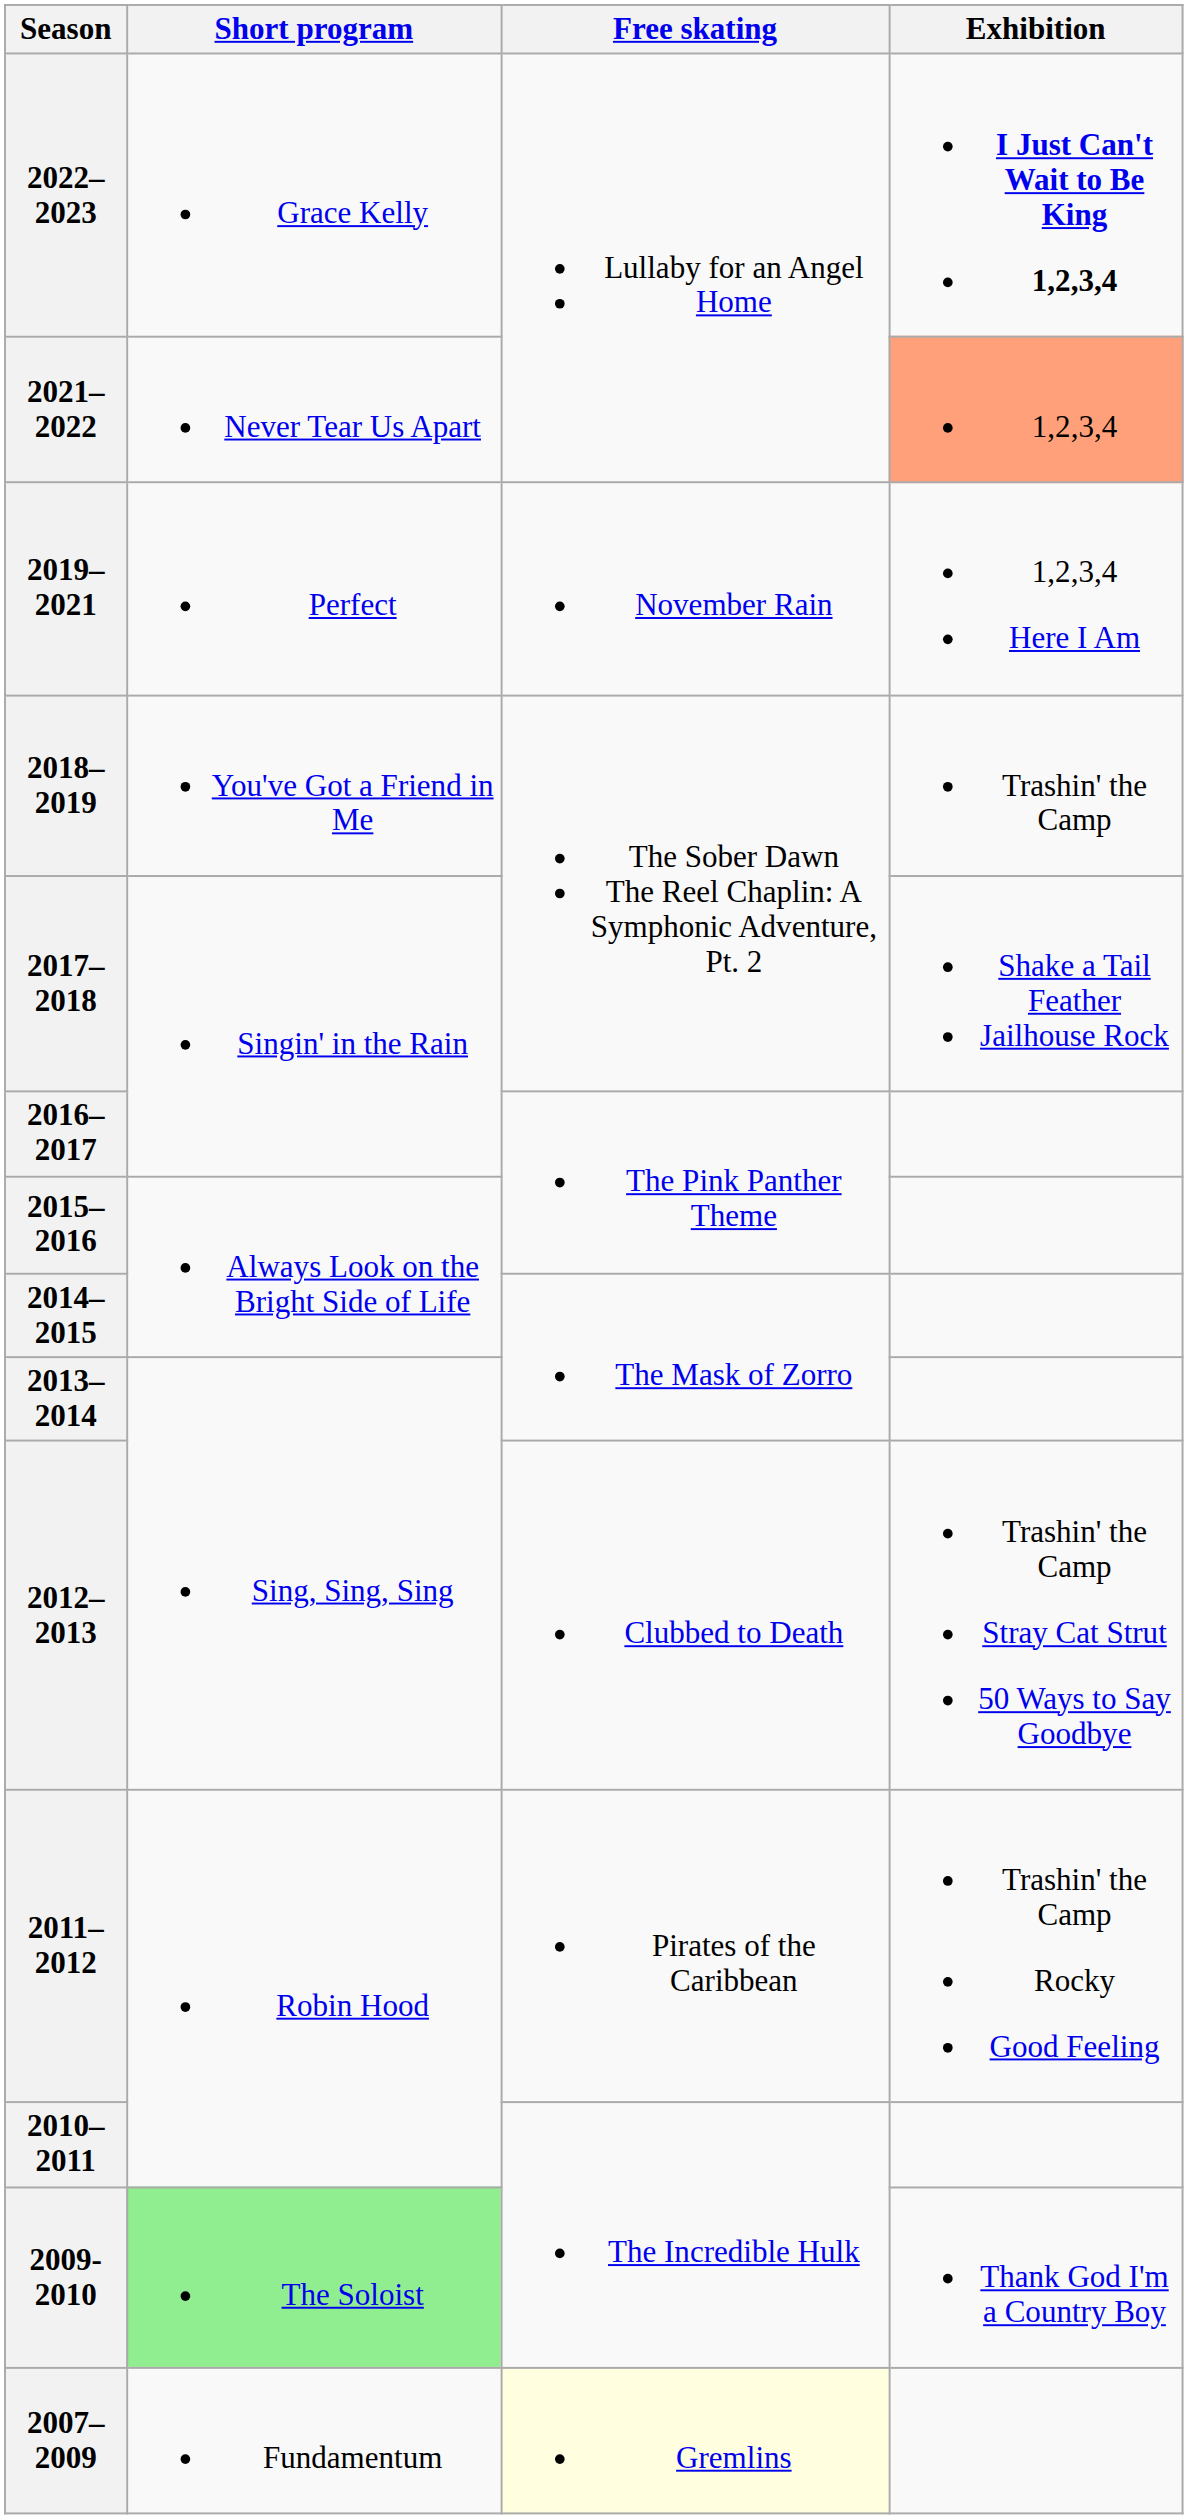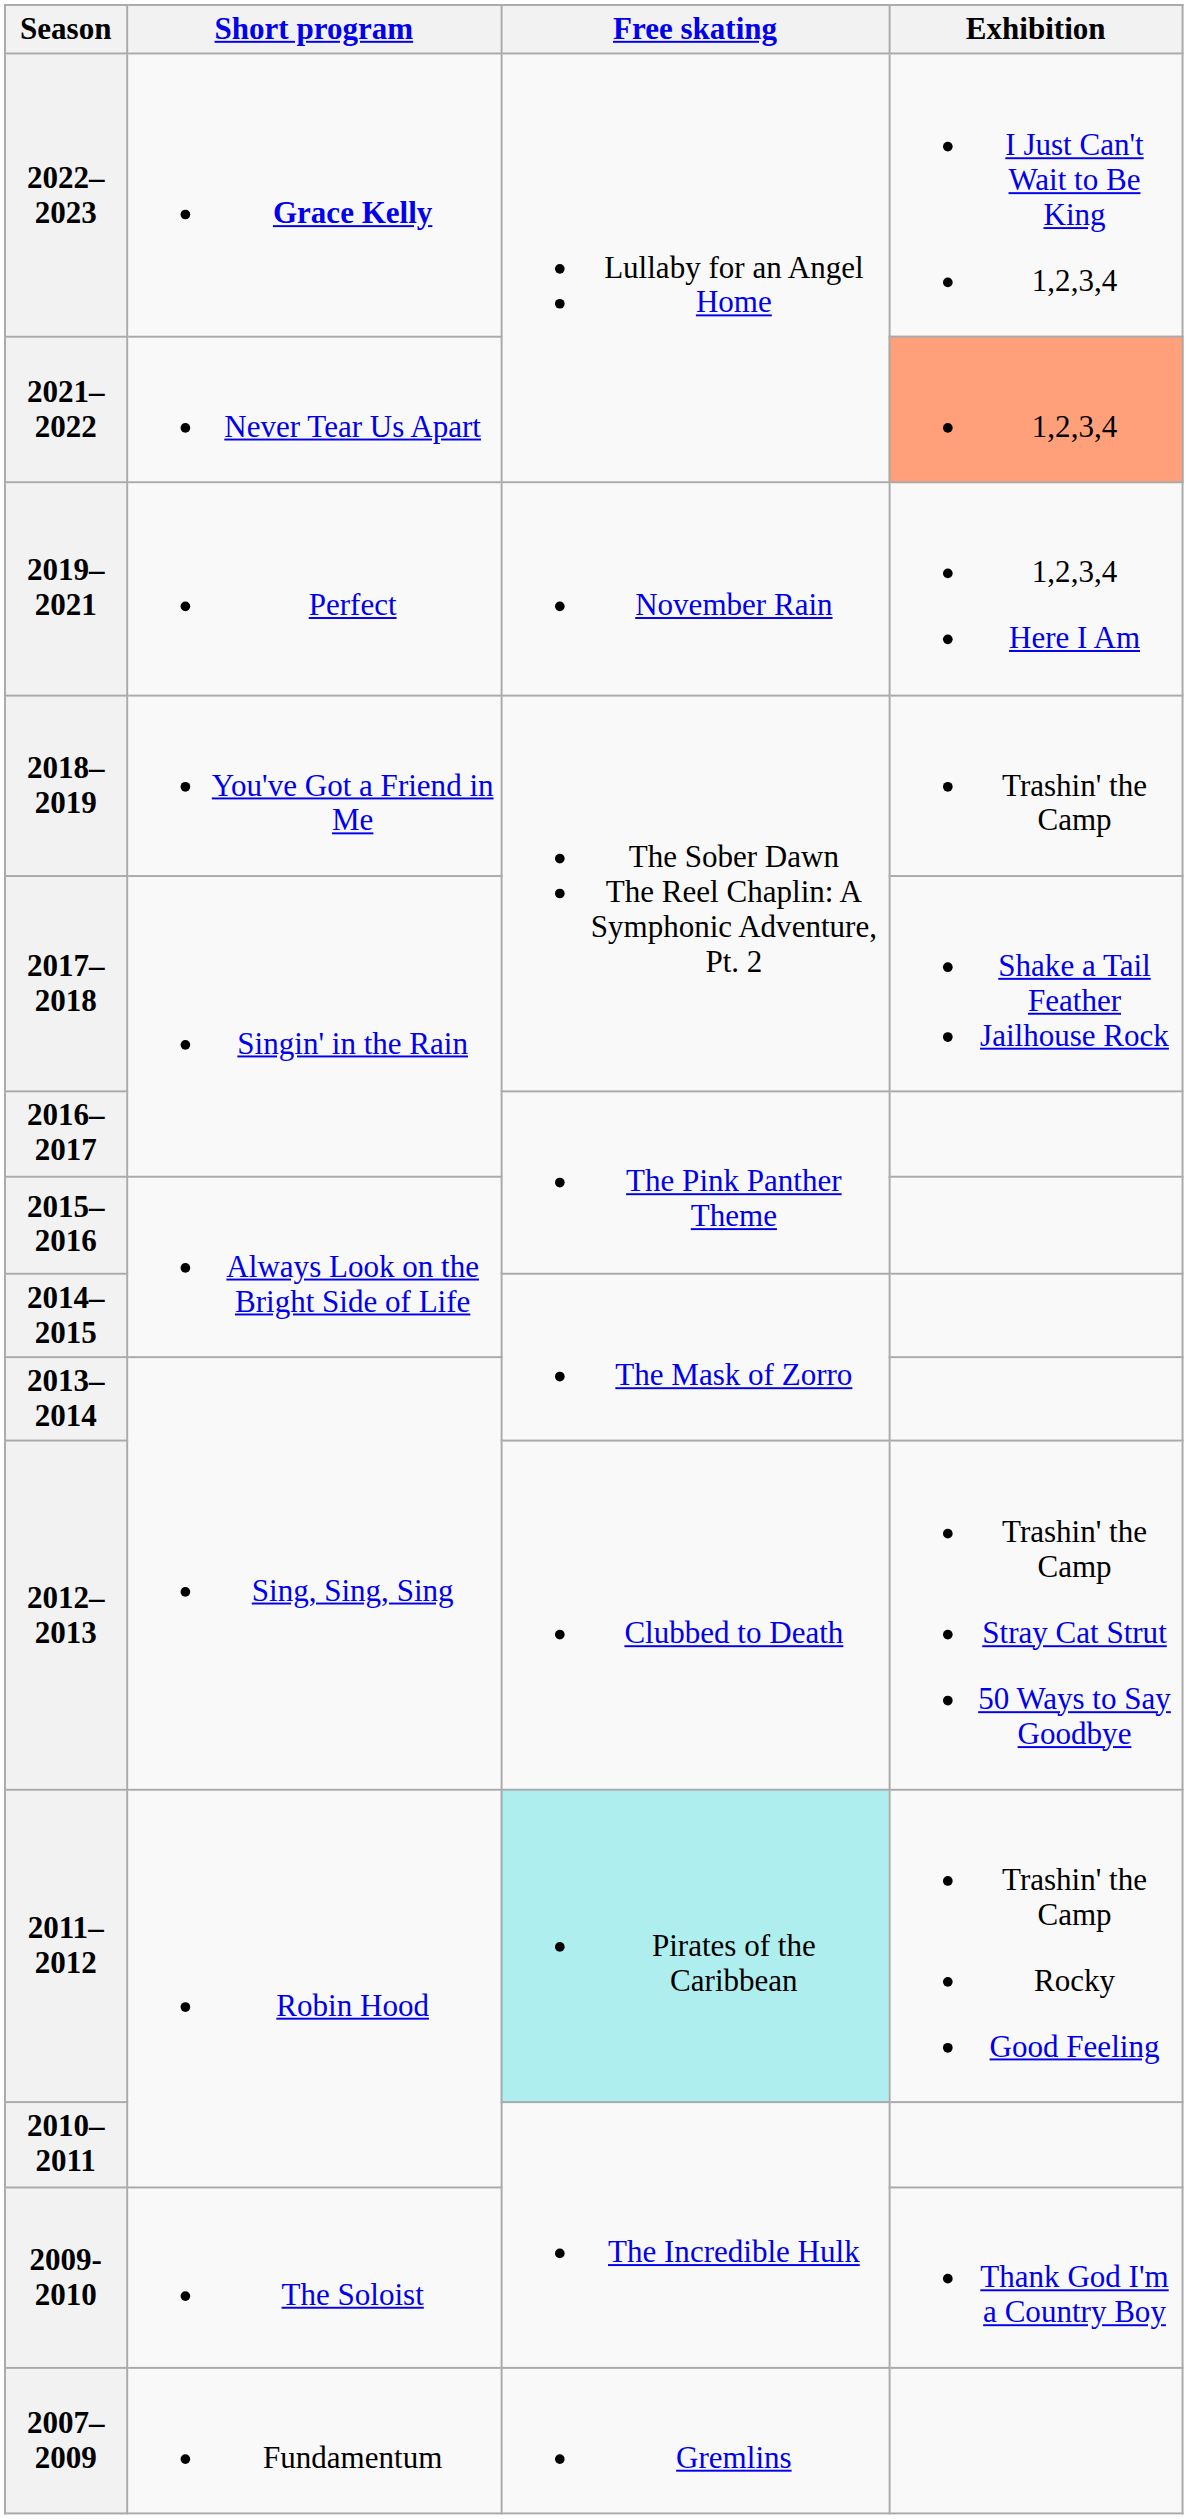 <table class="wikitable" style="text-align:center">
 <tr>
 <th>Season</th>
 <th><a href='#'>Short program</a></th>
 <th><a href='#'>Free skating</a></th>
 <th>Exhibition</th>
 </tr>
 <tr>
 <th>2022–2023 <br> </th>
-<td><br><ul><li><a href='#'>Grace Kelly</a> <br> </li></ul></td>
+<td><strong><br><ul><li><a href='#'>Grace Kelly</a> <br> </li></ul></strong></td>
 <td rowspan="2"><br><ul><li>Lullaby for an Angel <br> </li><li><a href='#'>Home</a> <br> </li></ul></td>
-<td><strong><br><ul><li><a href='#'>I Just Can't Wait to Be King</a> <br></li></ul><ul><li>1,2,3,4 <br> </li></ul></strong></td>
+<td><br><ul><li><a href='#'>I Just Can't Wait to Be King</a> <br></li></ul><ul><li>1,2,3,4 <br> </li></ul></td>
 </tr>
 <tr>
 <th>2021–2022 <br> </th>
 <td><br><ul><li><a href='#'>Never Tear Us Apart</a> <br> </li></ul></td>
 <td style="background: lightsalmon;"><br><ul><li>1,2,3,4 <br> </li></ul></td>
 </tr>
 <tr>
 <th>2019–2021 <br> </th>
 <td><br><ul><li><a href='#'>Perfect</a> <br> </li></ul></td>
 <td><br><ul><li><a href='#'>November Rain</a> <br> </li></ul></td>
 <td><br><ul><li>1,2,3,4 <br> </li></ul><ul><li><a href='#'>Here I Am</a> <br> </li></ul></td>
 </tr>
 <tr>
 <th>2018–2019 <br> </th>
 <td><br><ul><li><a href='#'>You've Got a Friend in Me</a> <br> </li></ul></td>
 <td rowspan="2"><br><ul><li>The Sober Dawn <br> </li><li>The Reel Chaplin: A Symphonic Adventure, Pt. 2 <br> </li></ul></td>
 <td><br><ul><li>Trashin' the Camp <br> </li></ul></td>
 </tr>
 <tr>
 <th>2017–2018 <br> </th>
 <td rowspan="2"><br><ul><li><a href='#'>Singin' in the Rain</a> <br> </li></ul></td>
 <td><br><ul><li><a href='#'>Shake a Tail Feather</a> <br> </li><li><a href='#'>Jailhouse Rock</a> <br> </li></ul></td>
 </tr>
 <tr>
 <th>2016–2017 <br> </th>
 <td rowspan="2"><br><ul><li><a href='#'>The Pink Panther Theme</a> <br></li></ul></td>
 <td></td>
 </tr>
 <tr>
 <th>2015–2016 <br> </th>
 <td rowspan="2"><br><ul><li><a href='#'>Always Look on the Bright Side of Life</a> <br></li></ul></td>
 <td></td>
 </tr>
 <tr>
 <th>2014–2015 <br> </th>
 <td rowspan="2"><br><ul><li><a href='#'>The Mask of Zorro</a> <br></li></ul></td>
 <td></td>
 </tr>
 <tr>
 <th>2013–2014 <br> </th>
 <td rowspan="2"><br><ul><li><a href='#'>Sing, Sing, Sing</a> <br></li></ul></td>
 <td></td>
 </tr>
 <tr>
 <th>2012–2013 <br> </th>
 <td><br><ul><li><a href='#'>Clubbed to Death</a> <br></li></ul></td>
 <td><br><ul><li>Trashin' the Camp <br></li></ul><ul><li><a href='#'>Stray Cat Strut</a> <br></li></ul><ul><li><a href='#'>50 Ways to Say Goodbye</a> <br></li></ul></td>
 </tr>
 <tr>
 <th>2011–2012 <br> </th>
 <td rowspan="2"><br><ul><li><a href='#'>Robin Hood</a> <br></li></ul></td>
-<td><br><ul><li>Pirates of the Caribbean</li></ul></td>
+<td style="background: paleturquoise;"><br><ul><li>Pirates of the Caribbean</li></ul></td>
 <td><br><ul><li>Trashin' the Camp <br></li></ul><ul><li>Rocky</li></ul><ul><li><a href='#'>Good Feeling</a> <br></li></ul></td>
 </tr>
 <tr>
 <th>2010–2011 <br> </th>
 <td rowspan="2"><br><ul><li><a href='#'>The Incredible Hulk</a> <br></li></ul></td>
 <td></td>
 </tr>
 <tr>
 <th>2009-2010 <br> </th>
-<td style="background: lightgreen;"><br><ul><li><a href='#'>The Soloist</a> <br> </li></ul></td>
+<td><br><ul><li><a href='#'>The Soloist</a> <br> </li></ul></td>
 <td><br><ul><li><a href='#'>Thank God I'm a Country Boy</a> <br></li></ul></td>
 </tr>
 <tr>
 <th>2007–2009 <br> </th>
 <td><br><ul><li>Fundamentum <br></li></ul></td>
-<td style="background: lightyellow;"><br><ul><li><a href='#'>Gremlins</a> <br></li></ul></td>
+<td><br><ul><li><a href='#'>Gremlins</a> <br></li></ul></td>
 <td></td>
 </tr>
 </table>
